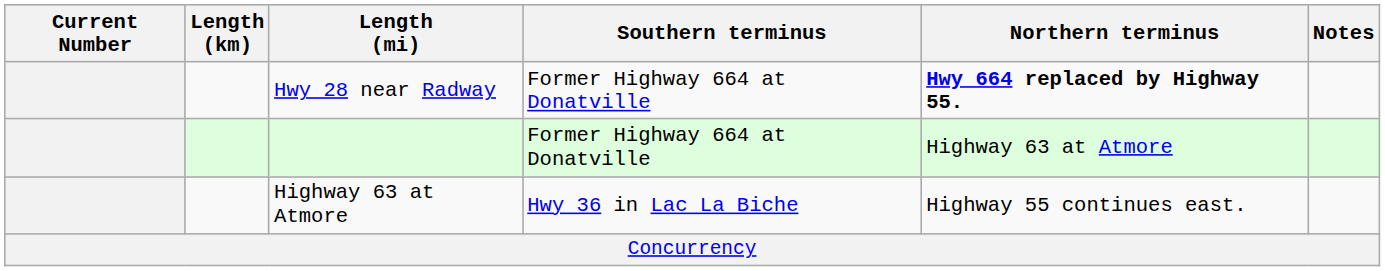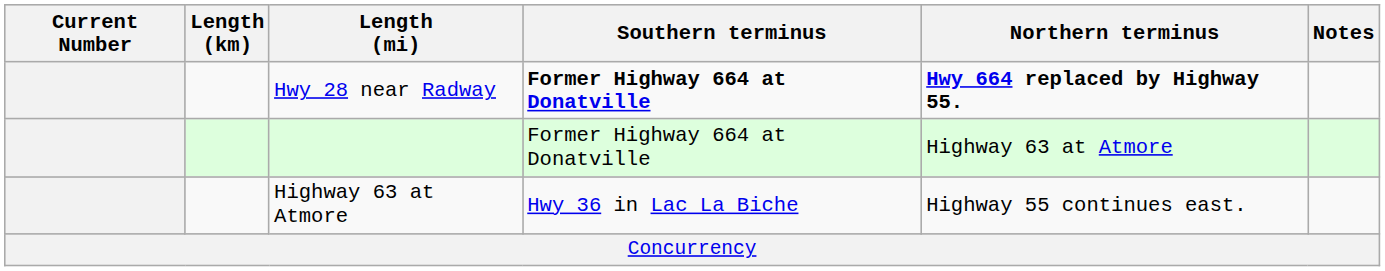 <table class="wikitable sortable">
 <tr>
 <th>Current Number</th>
 <th>Length<br>(km)</th>
 <th>Length<br>(mi)</th>
 <th class="unsortable">Southern terminus</th>
 <th class="unsortable">Northern terminus</th>
 <th class="unsortable">Notes</th>
 </tr>
 <tr>
 <td style="background: #f2f2f2;"></td>
 <td></td>
 <td><span><a href='#'>Hwy 28</a></span> near <a href='#'>Radway</a></td>
-<td>Former Highway 664 at <a href='#'>Donatville</a></td>
+<td><strong>Former Highway 664 at <a href='#'>Donatville</a></strong></td>
 <td><strong><span><a href='#'>Hwy 664</a></span> replaced by Highway 55.</strong></td>
 </tr>
 <tr>
 <td style="background: #f2f2f2;"></td>
 <td style="background: #ddffdd"></td>
 <td style="background: #ddffdd"></td>
 <td style="background: #ddffdd">Former Highway 664 at Donatville</td>
 <td style="background: #ddffdd">Highway 63 at <a href='#'>Atmore</a></td>
 <td style="background: #ddffdd"></td>
 </tr>
 <tr>
 <td style="background: #f2f2f2;"></td>
 <td></td>
 <td>Highway 63 at Atmore</td>
 <td><span><a href='#'>Hwy 36</a></span> in <a href='#'>Lac La Biche</a></td>
 <td>Highway 55 continues east.</td>
 </tr>
 <tr>
 <td colspan="9" style="background: #f2f2f2; text-align: center; font-size: 95%;"> <a href='#'>Concurrency</a></td>
 </tr>
 </table>
